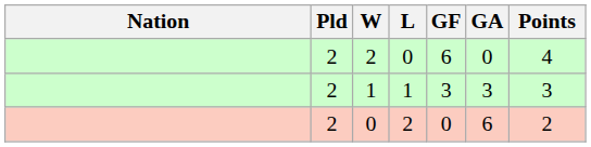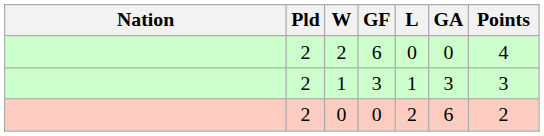 <table class=wikitable style="text-align:center">
 <tr>
 <th width=220>Nation</th>
 <th width=20>Pld</th>
 <th width=20>W</th>
+<th width=20>GF</th>
 <th width=20>L</th>
-<th width=20>GF</th>
 <th width=20>GA</th>
 <th width=50>Points</th>
 </tr>
 <tr bgcolor="#ccffcc">
 <td align=left></td>
 <td>2</td>
 <td>2</td>
+<td>6</td>
 <td>0</td>
-<td>6</td>
 <td>0</td>
 <td>4</td>
 </tr>
 <tr bgcolor="#ccffcc">
 <td align=left></td>
 <td>2</td>
 <td>1</td>
+<td>3</td>
 <td>1</td>
-<td>3</td>
 <td>3</td>
 <td>3</td>
 </tr>
 <tr bgcolor="#fcccc">
 <td align=left></td>
 <td>2</td>
 <td>0</td>
+<td>0</td>
 <td>2</td>
-<td>0</td>
 <td>6</td>
 <td>2</td>
 </tr>
 </table>
